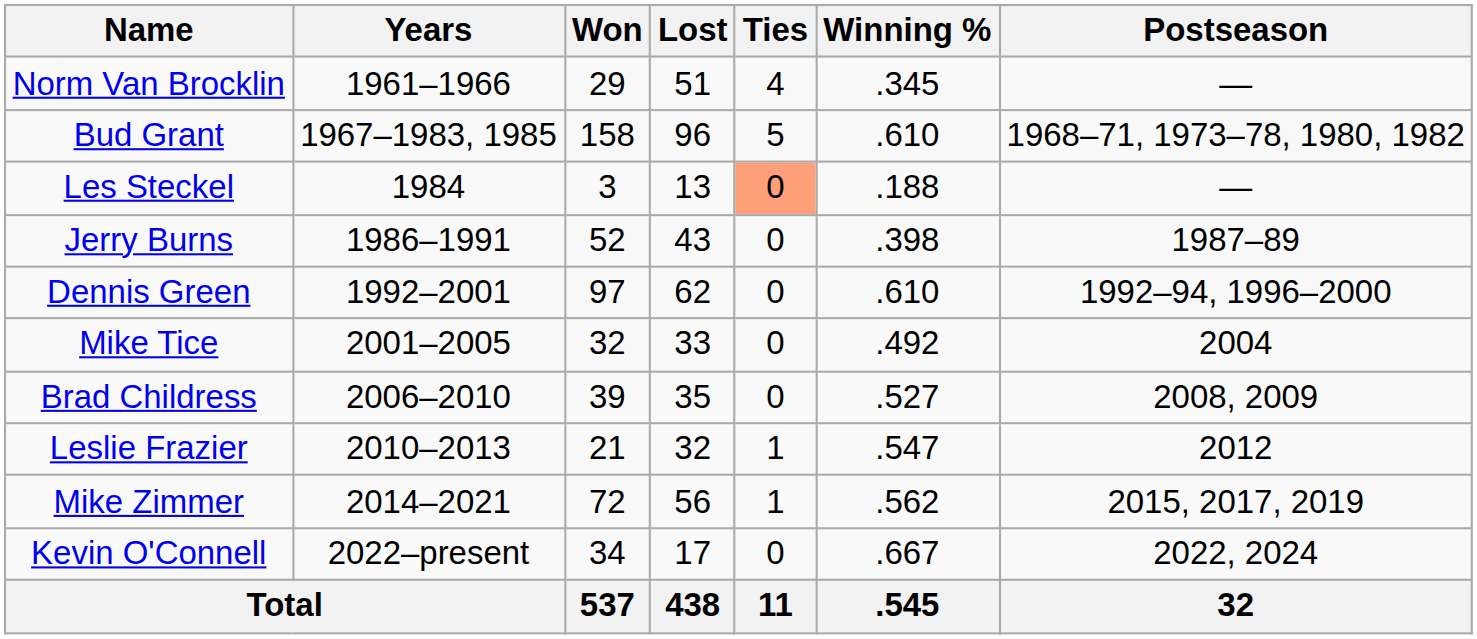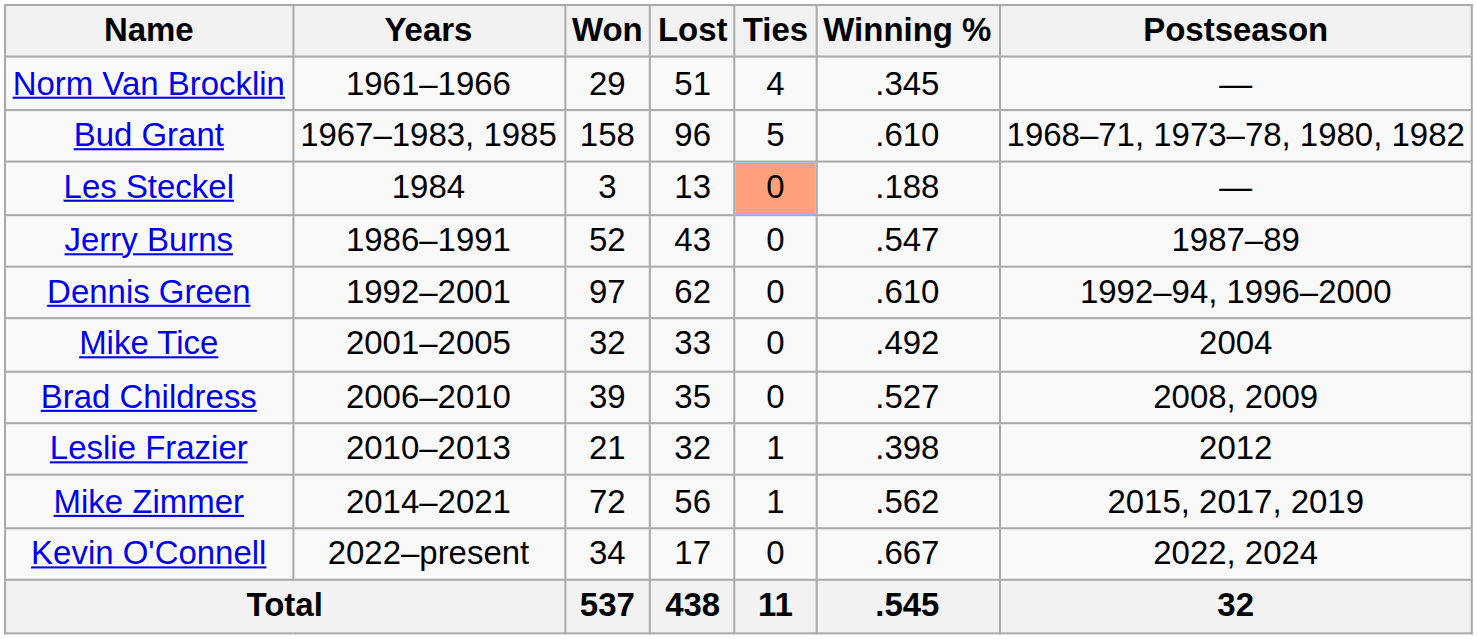 <table class="wikitable sortable" style="text-align:center">
 <tr>
 <th class="unsortable">Name</th>
 <th>Years</th>
 <th>Won</th>
 <th>Lost</th>
 <th>Ties</th>
 <th>Winning %</th>
 <th class="unsortable">Postseason</th>
 </tr>
 <tr>
 <td style="text-align:center"><a href='#'>Norm Van Brocklin</a></td>
 <td>1961–1966</td>
 <td>29</td>
 <td>51</td>
 <td>4</td>
 <td>.345</td>
 <td>—</td>
 </tr>
 <tr>
 <td style="text-align:center"><a href='#'>Bud Grant</a></td>
 <td>1967–1983, 1985</td>
 <td>158</td>
 <td>96</td>
 <td>5</td>
 <td>.610</td>
 <td>1968–71, 1973–78, 1980, 1982</td>
 </tr>
 <tr>
 <td style="text-align:center"><a href='#'>Les Steckel</a></td>
 <td>1984</td>
 <td>3</td>
 <td>13</td>
 <td style="background: lightsalmon;">0</td>
 <td>.188</td>
 <td>—</td>
 </tr>
 <tr>
 <td style="text-align:center"><a href='#'>Jerry Burns</a></td>
 <td>1986–1991</td>
 <td>52</td>
 <td>43</td>
 <td>0</td>
-<td>.398</td>
+<td>.547</td>
 <td>1987–89</td>
 </tr>
 <tr>
 <td style="text-align:center"><a href='#'>Dennis Green</a></td>
 <td>1992–2001</td>
 <td>97</td>
 <td>62</td>
 <td>0</td>
 <td>.610</td>
 <td>1992–94, 1996–2000</td>
 </tr>
 <tr>
 <td style="text-align:center"><a href='#'>Mike Tice</a></td>
 <td>2001–2005</td>
 <td>32</td>
 <td>33</td>
 <td>0</td>
 <td>.492</td>
 <td>2004</td>
 </tr>
 <tr>
 <td style="text-align:center"><a href='#'>Brad Childress</a></td>
 <td>2006–2010</td>
 <td>39</td>
 <td>35</td>
 <td>0</td>
 <td>.527</td>
 <td>2008, 2009</td>
 </tr>
 <tr>
 <td style="text-align:center"><a href='#'>Leslie Frazier</a></td>
 <td>2010–2013</td>
 <td>21</td>
 <td>32</td>
 <td>1</td>
-<td>.547</td>
+<td>.398</td>
 <td>2012</td>
 </tr>
 <tr>
 <td style="text-align:center"><a href='#'>Mike Zimmer</a></td>
 <td>2014–2021</td>
 <td>72</td>
 <td>56</td>
 <td>1</td>
 <td>.562</td>
 <td>2015, 2017, 2019</td>
 </tr>
 <tr>
 <td style="text-align:center"><a href='#'>Kevin O'Connell</a></td>
 <td>2022–present</td>
 <td>34</td>
 <td>17</td>
 <td>0</td>
 <td>.667</td>
 <td>2022, 2024</td>
 </tr>
 <tr>
 <th colspan="2">Total</th>
 <th>537</th>
 <th>438</th>
 <th>11</th>
 <th>.545</th>
 <th>32</th>
 </tr>
 </table>
